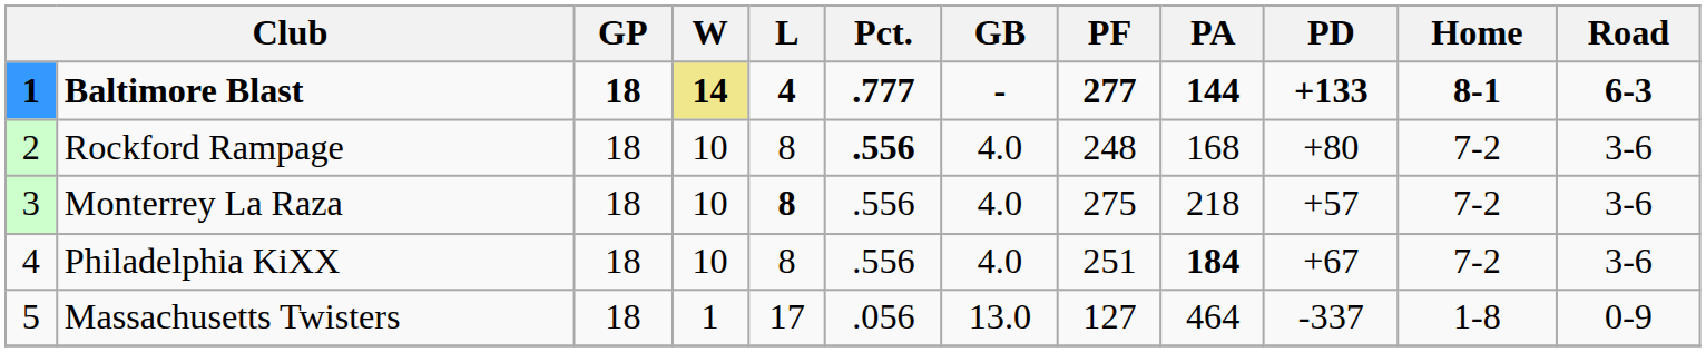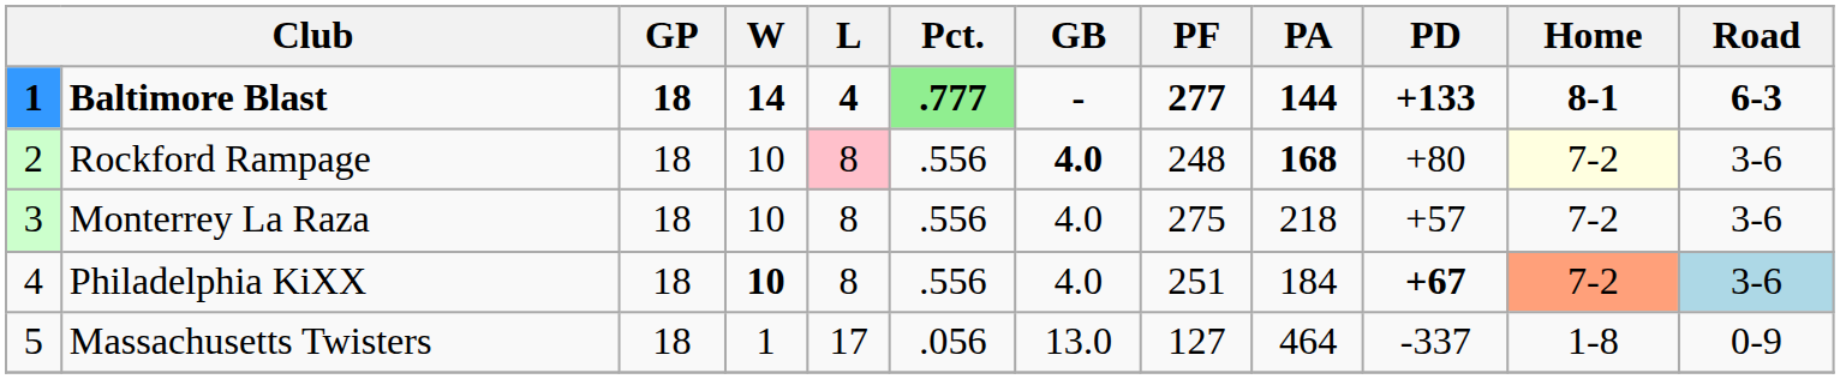 <table class="wikitable" width=60%>
 <tr>
 <th colspan=2>Club</th>
 <th>GP</th>
 <th>W</th>
 <th>L</th>
 <th>Pct.</th>
 <th>GB</th>
 <th>PF</th>
 <th>PA</th>
 <th>PD</th>
 <th>Home</th>
 <th>Road</th>
 </tr>
 <tr>
 <td bgcolor=#3399FF align=center><strong>1</strong></td>
 <td><strong>Baltimore Blast</strong></td>
 <td align=center><strong>18</strong></td>
-<td align=center style="background: khaki;"><strong>14</strong></td>
+<td align=center><strong>14</strong></td>
 <td align=center><strong>4</strong></td>
-<td align=center><strong>.777</strong></td>
+<td align=center style="background: lightgreen;"><strong>.777</strong></td>
 <td align=center><strong>-</strong></td>
 <td align=center><strong>277</strong></td>
 <td align=center><strong>144</strong></td>
 <td align=center><strong>+133</strong></td>
 <td align=center><strong>8-1</strong></td>
 <td align=center><strong>6-3</strong></td>
 </tr>
 <tr>
 <td bgcolor=#ccffcc align=center>2</td>
 <td>Rockford Rampage</td>
 <td align=center>18</td>
 <td align=center>10</td>
-<td align=center>8</td>
-<td align=center><strong>.556</strong></td>
-<td align=center>4.0</td>
+<td align=center style="background: pink;">8</td>
+<td align=center>.556</td>
+<td align=center><strong>4.0</strong></td>
 <td align=center>248</td>
-<td align=center>168</td>
+<td align=center><strong>168</strong></td>
 <td align=center>+80</td>
-<td align=center>7-2</td>
+<td align=center style="background: lightyellow;">7-2</td>
 <td align=center>3-6</td>
 </tr>
 <tr>
 <td bgcolor=#ccffcc align=center>3</td>
 <td>Monterrey La Raza</td>
 <td align=center>18</td>
 <td align=center>10</td>
-<td align=center><strong>8</strong></td>
+<td align=center>8</td>
 <td align=center>.556</td>
 <td align=center>4.0</td>
 <td align=center>275</td>
 <td align=center>218</td>
 <td align=center>+57</td>
 <td align=center>7-2</td>
 <td align=center>3-6</td>
 </tr>
 <tr>
 <td align=center>4</td>
 <td>Philadelphia KiXX</td>
 <td align=center>18</td>
-<td align=center>10</td>
+<td align=center><strong>10</strong></td>
 <td align=center>8</td>
 <td align=center>.556</td>
 <td align=center>4.0</td>
 <td align=center>251</td>
-<td align=center><strong>184</strong></td>
-<td align=center>+67</td>
-<td align=center>7-2</td>
-<td align=center>3-6</td>
+<td align=center>184</td>
+<td align=center><strong>+67</strong></td>
+<td align=center style="background: lightsalmon;">7-2</td>
+<td align=center style="background: lightblue;">3-6</td>
 </tr>
 <tr>
 <td align=center>5</td>
 <td>Massachusetts Twisters</td>
 <td align=center>18</td>
 <td align=center>1</td>
 <td align=center>17</td>
 <td align=center>.056</td>
 <td align=center>13.0</td>
 <td align=center>127</td>
 <td align=center>464</td>
 <td align=center>-337</td>
 <td align=center>1-8</td>
 <td align=center>0-9</td>
 </tr>
 <tr bgcolor=#ccccff>
 </tr>
 </table>
